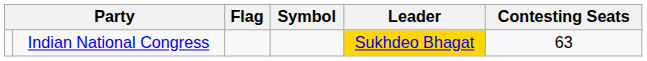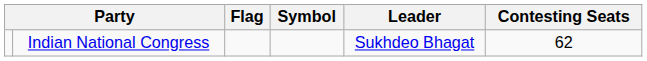 <table class="wikitable " width="50%" style="text-align:center">
 <tr>
 <th colspan="2">Party</th>
 <th>Flag</th>
 <th>Symbol</th>
 <th>Leader</th>
 <th>Contesting Seats</th>
 </tr>
 <tr>
 <td></td>
 <td><a href='#'>Indian National Congress</a></td>
 <td></td>
 <td></td>
-<td style="background: gold;"><a href='#'>Sukhdeo Bhagat</a></td>
-<td>63</td>
+<td><a href='#'>Sukhdeo Bhagat</a></td>
+<td>62</td>
 </tr>
 </table>
